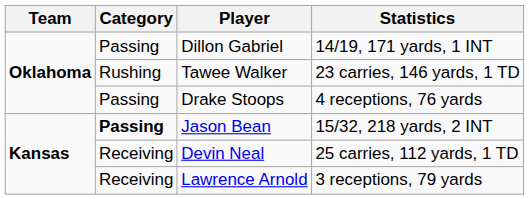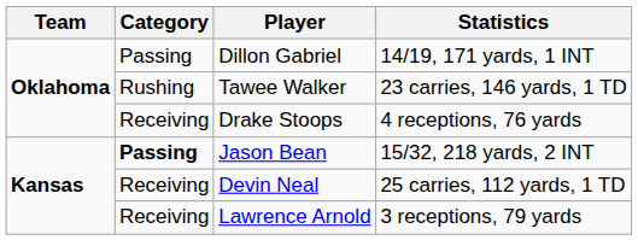 <table class="wikitable" style="float: right;">
 <tr>
 <th>Team</th>
 <th>Category</th>
 <th>Player</th>
 <th>Statistics</th>
 </tr>
 <tr>
 <td rowspan=3><strong>Oklahoma</strong></td>
 <td>Passing</td>
 <td>Dillon Gabriel</td>
 <td>14/19, 171 yards, 1 INT</td>
 </tr>
 <tr>
 <td>Rushing</td>
 <td>Tawee Walker</td>
 <td>23 carries, 146 yards, 1 TD</td>
 </tr>
 <tr>
-<td>Passing</td>
+<td>Receiving</td>
 <td>Drake Stoops</td>
 <td>4 receptions, 76 yards</td>
 </tr>
 <tr>
 <td rowspan=3><strong>Kansas</strong></td>
 <td><strong>Passing</strong></td>
 <td><a href='#'>Jason Bean</a></td>
 <td>15/32, 218 yards, 2 INT</td>
 </tr>
 <tr>
 <td>Receiving</td>
 <td><a href='#'>Devin Neal</a></td>
 <td>25 carries, 112 yards, 1 TD</td>
 </tr>
 <tr>
 <td>Receiving</td>
 <td><a href='#'>Lawrence Arnold</a></td>
 <td>3 receptions, 79 yards</td>
 </tr>
 </table>
